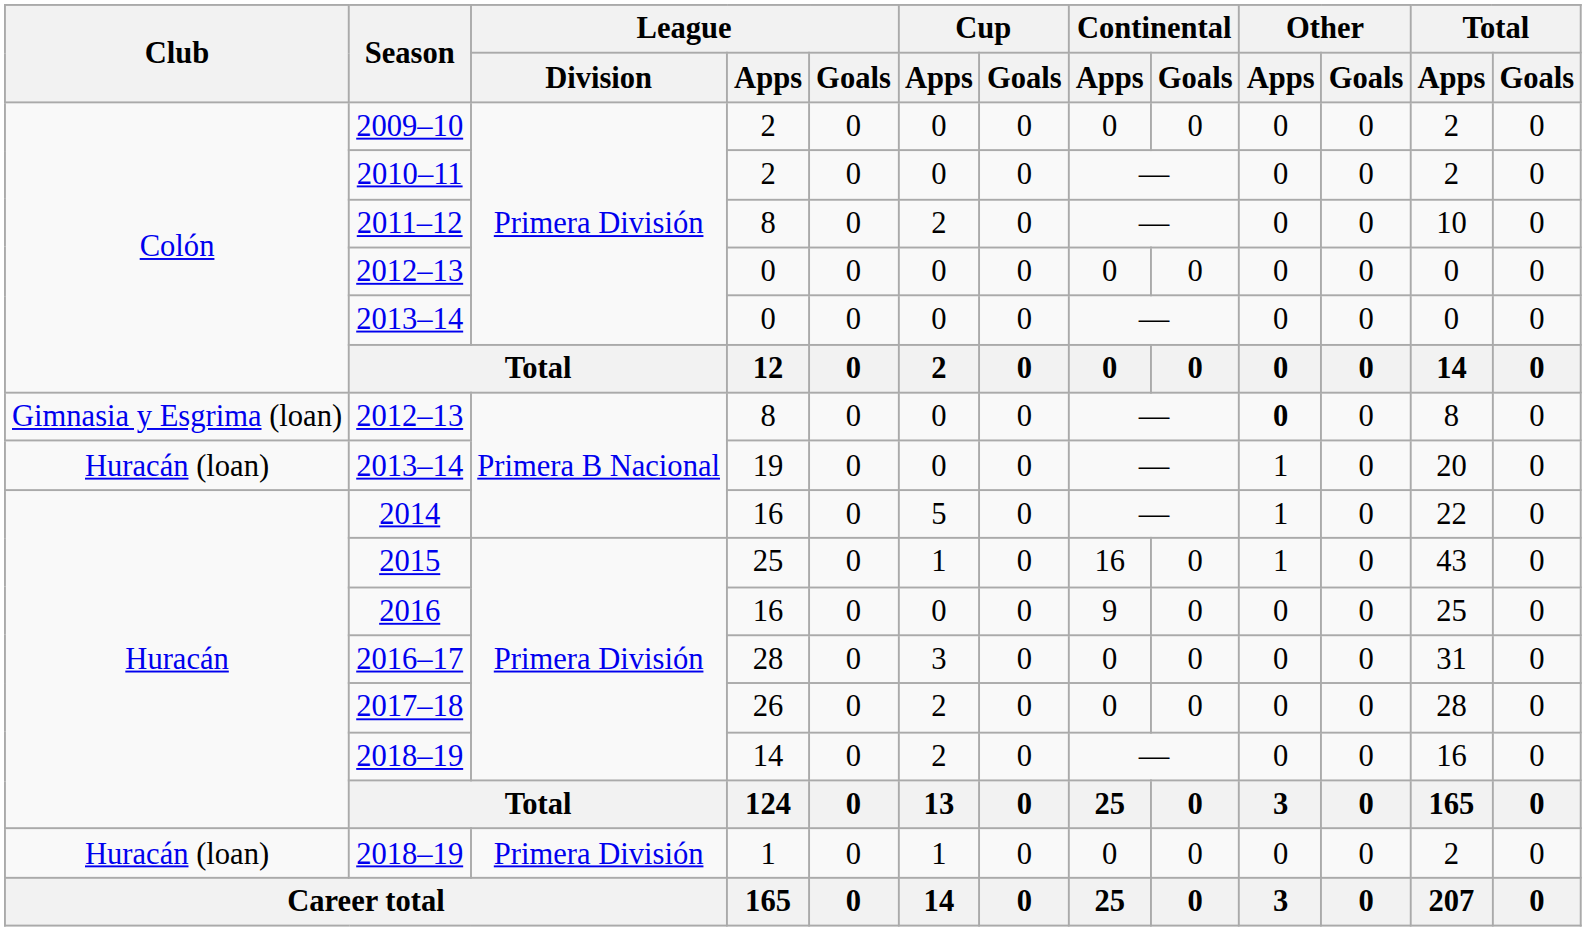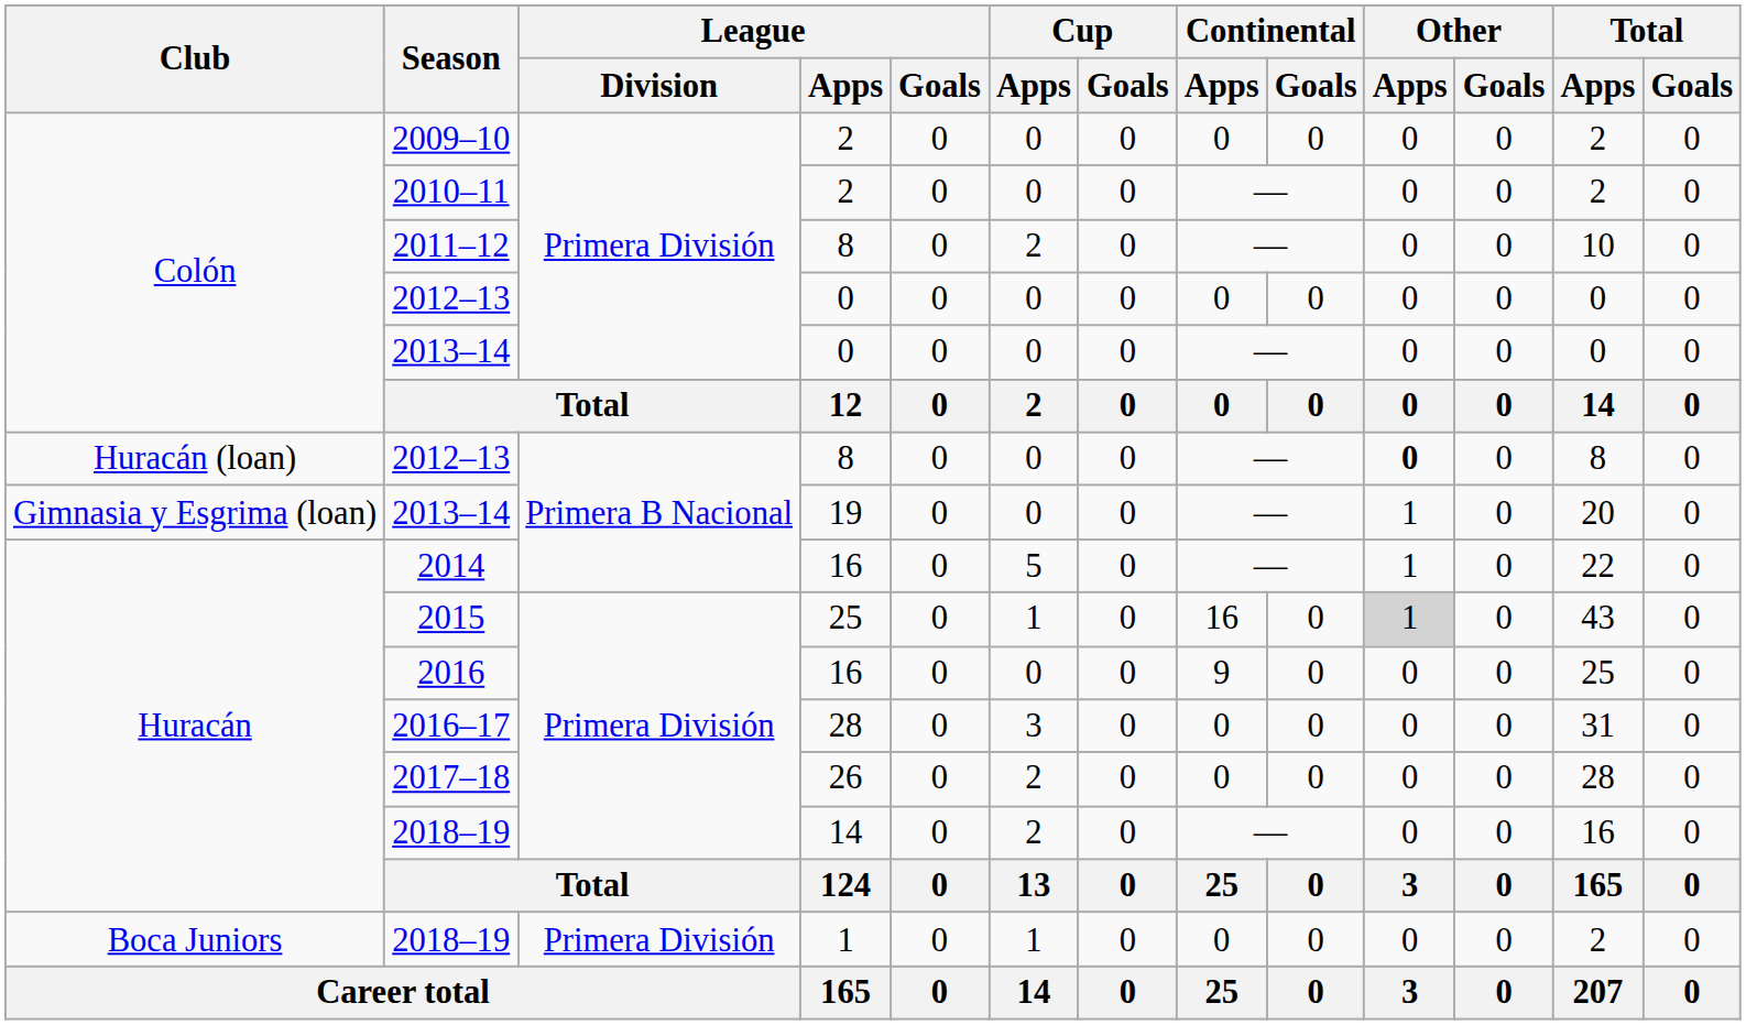 <table class="wikitable" style="text-align:center">
 <tr>
 <th rowspan="2">Club</th>
 <th rowspan="2">Season</th>
 <th colspan="3">League</th>
 <th colspan="2">Cup</th>
 <th colspan="2">Continental</th>
 <th colspan="2">Other</th>
 <th colspan="2">Total</th>
 </tr>
 <tr>
 <th>Division</th>
 <th>Apps</th>
 <th>Goals</th>
 <th>Apps</th>
 <th>Goals</th>
 <th>Apps</th>
 <th>Goals</th>
 <th>Apps</th>
 <th>Goals</th>
 <th>Apps</th>
 <th>Goals</th>
 </tr>
 <tr>
 <td rowspan="6"><a href='#'>Colón</a></td>
 <td><a href='#'>2009–10</a></td>
 <td rowspan="5"><a href='#'>Primera División</a></td>
 <td>2</td>
 <td>0</td>
 <td>0</td>
 <td>0</td>
 <td>0</td>
 <td>0</td>
 <td>0</td>
 <td>0</td>
 <td>2</td>
 <td>0</td>
 </tr>
 <tr>
 <td><a href='#'>2010–11</a></td>
 <td>2</td>
 <td>0</td>
 <td>0</td>
 <td>0</td>
 <td colspan="2">—</td>
 <td>0</td>
 <td>0</td>
 <td>2</td>
 <td>0</td>
 </tr>
 <tr>
 <td><a href='#'>2011–12</a></td>
 <td>8</td>
 <td>0</td>
 <td>2</td>
 <td>0</td>
 <td colspan="2">—</td>
 <td>0</td>
 <td>0</td>
 <td>10</td>
 <td>0</td>
 </tr>
 <tr>
 <td><a href='#'>2012–13</a></td>
 <td>0</td>
 <td>0</td>
 <td>0</td>
 <td>0</td>
 <td>0</td>
 <td>0</td>
 <td>0</td>
 <td>0</td>
 <td>0</td>
 <td>0</td>
 </tr>
 <tr>
 <td><a href='#'>2013–14</a></td>
 <td>0</td>
 <td>0</td>
 <td>0</td>
 <td>0</td>
 <td colspan="2">—</td>
 <td>0</td>
 <td>0</td>
 <td>0</td>
 <td>0</td>
 </tr>
 <tr>
 <th colspan="2">Total</th>
 <th>12</th>
 <th>0</th>
 <th>2</th>
 <th>0</th>
 <th>0</th>
 <th>0</th>
 <th>0</th>
 <th>0</th>
 <th>14</th>
 <th>0</th>
 </tr>
 <tr>
-<td rowspan="1"><a href='#'>Gimnasia y Esgrima</a> (loan)</td>
+<td rowspan="1"><a href='#'>Huracán</a> (loan)</td>
 <td><a href='#'>2012–13</a></td>
 <td rowspan="3"><a href='#'>Primera B Nacional</a></td>
 <td>8</td>
 <td>0</td>
 <td>0</td>
 <td>0</td>
 <td colspan="2">—</td>
 <td><strong>0</strong></td>
 <td>0</td>
 <td>8</td>
 <td>0</td>
 </tr>
 <tr>
-<td rowspan="1"><a href='#'>Huracán</a> (loan)</td>
+<td rowspan="1"><a href='#'>Gimnasia y Esgrima</a> (loan)</td>
 <td><a href='#'>2013–14</a></td>
 <td>19</td>
 <td>0</td>
 <td>0</td>
 <td>0</td>
 <td colspan="2">—</td>
 <td>1</td>
 <td>0</td>
 <td>20</td>
 <td>0</td>
 </tr>
 <tr>
 <td rowspan="7"><a href='#'>Huracán</a></td>
 <td><a href='#'>2014</a></td>
 <td>16</td>
 <td>0</td>
 <td>5</td>
 <td>0</td>
 <td colspan="2">—</td>
 <td>1</td>
 <td>0</td>
 <td>22</td>
 <td>0</td>
 </tr>
 <tr>
 <td><a href='#'>2015</a></td>
 <td rowspan="5"><a href='#'>Primera División</a></td>
 <td>25</td>
 <td>0</td>
 <td>1</td>
 <td>0</td>
 <td>16</td>
 <td>0</td>
-<td>1</td>
+<td style="background: lightgrey;">1</td>
 <td>0</td>
 <td>43</td>
 <td>0</td>
 </tr>
 <tr>
 <td><a href='#'>2016</a></td>
 <td>16</td>
 <td>0</td>
 <td>0</td>
 <td>0</td>
 <td>9</td>
 <td>0</td>
 <td>0</td>
 <td>0</td>
 <td>25</td>
 <td>0</td>
 </tr>
 <tr>
 <td><a href='#'>2016–17</a></td>
 <td>28</td>
 <td>0</td>
 <td>3</td>
 <td>0</td>
 <td>0</td>
 <td>0</td>
 <td>0</td>
 <td>0</td>
 <td>31</td>
 <td>0</td>
 </tr>
 <tr>
 <td><a href='#'>2017–18</a></td>
 <td>26</td>
 <td>0</td>
 <td>2</td>
 <td>0</td>
 <td>0</td>
 <td>0</td>
 <td>0</td>
 <td>0</td>
 <td>28</td>
 <td>0</td>
 </tr>
 <tr>
 <td><a href='#'>2018–19</a></td>
 <td>14</td>
 <td>0</td>
 <td>2</td>
 <td>0</td>
 <td colspan="2">—</td>
 <td>0</td>
 <td>0</td>
 <td>16</td>
 <td>0</td>
 </tr>
 <tr>
 <th colspan="2">Total</th>
 <th>124</th>
 <th>0</th>
 <th>13</th>
 <th>0</th>
 <th>25</th>
 <th>0</th>
 <th>3</th>
 <th>0</th>
 <th>165</th>
 <th>0</th>
 </tr>
 <tr>
-<td rowspan="1"><a href='#'>Huracán</a> (loan)</td>
+<td rowspan="1"><a href='#'>Boca Juniors</a></td>
 <td><a href='#'>2018–19</a></td>
 <td rowspan="1"><a href='#'>Primera División</a></td>
 <td>1</td>
 <td>0</td>
 <td>1</td>
 <td>0</td>
 <td>0</td>
 <td>0</td>
 <td>0</td>
 <td>0</td>
 <td>2</td>
 <td>0</td>
 </tr>
 <tr>
 <th colspan="3">Career total</th>
 <th>165</th>
 <th>0</th>
 <th>14</th>
 <th>0</th>
 <th>25</th>
 <th>0</th>
 <th>3</th>
 <th>0</th>
 <th>207</th>
 <th>0</th>
 </tr>
 </table>
